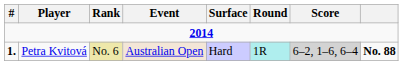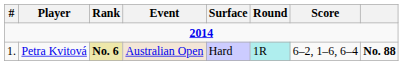 <table class="wikitable sortable">
 <tr>
 <th>#</th>
 <th>Player</th>
 <th>Rank</th>
 <th>Event</th>
 <th>Surface</th>
 <th>Round</th>
 <th>Score</th>
 <th></th>
 </tr>
 <tr>
 <td colspan=8 style=text-align:center><strong><a href='#'>2014</a></strong></td>
 </tr>
 <tr>
-<td><strong>1.</strong></td>
+<td>1.</td>
 <td> <a href='#'>Petra Kvitová</a></td>
-<td bgcolor=EEE8AA>No. 6</td>
+<td bgcolor=EEE8AA><strong>No. 6</strong></td>
 <td bgcolor=f3e6d7><a href='#'>Australian Open</a></td>
 <td bgcolor=CCCCFF>Hard</td>
 <td bgcolor=AFEEEE>1R</td>
-<td style="background: lightgrey;">6–2, 1–6, 6–4</td>
+<td>6–2, 1–6, 6–4</td>
 <td><strong>No. 88</strong></td>
 </tr>
 </table>
